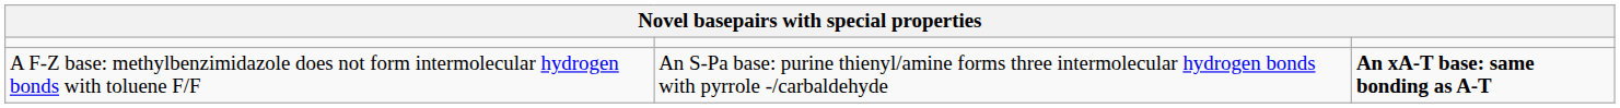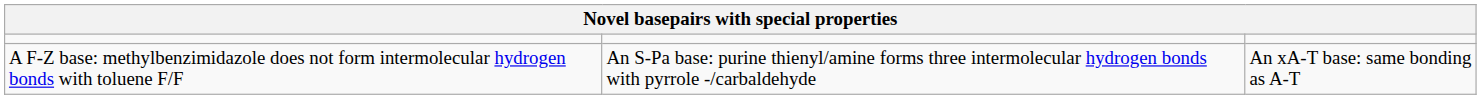 <table class="wikitable">
 <tr>
 <th colspan=3>Novel basepairs with special properties</th>
 </tr>
 <tr>
 <td></td>
 <td></td>
 <td></td>
 </tr>
 <tr>
 <td>A F-Z base: methylbenzimidazole does not form intermolecular <a href='#'>hydrogen bonds</a> with toluene F/F</td>
 <td>An S-Pa base: purine thienyl/amine forms three intermolecular <a href='#'>hydrogen bonds</a> with pyrrole -/carbaldehyde</td>
-<td><strong>An xA-T base: same bonding as A-T</strong></td>
+<td>An xA-T base: same bonding as A-T</td>
 </tr>
 </table>
